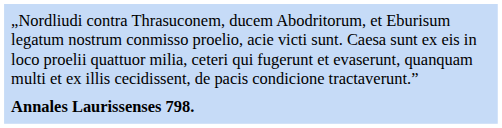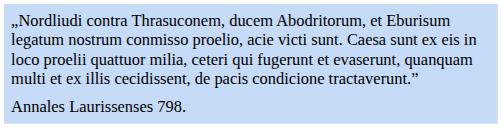 <table class="toccolours" style="float: right; margin-left: 1em; margin-right: 2em; font-size: 85%; background:#c6dbf7; color:black; width:30em; max-width: 40%;" cellspacing="5">
 <tr>
 <td style="text-align: left;">„Nordliudi contra Thrasuconem, ducem Abodritorum, et Eburisum legatum nostrum conmisso proelio, acie victi sunt. Caesa sunt ex eis in loco proelii quattuor milia, ceteri qui fugerunt et evaserunt, quanquam multi et ex illis cecidissent, de pacis condicione tractaverunt.”</td>
 </tr>
 <tr>
-<td style="text-align: left;"><strong>Annales Laurissenses 798.<em></strong></td>
+<td style="text-align: left;">Annales Laurissenses 798.<em></td>
 </tr>
 </table>
